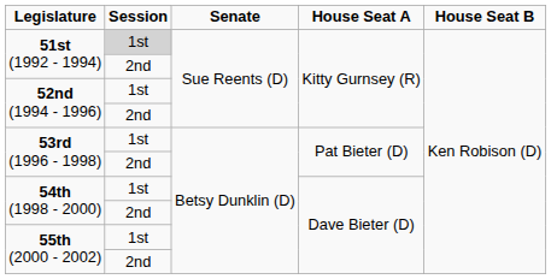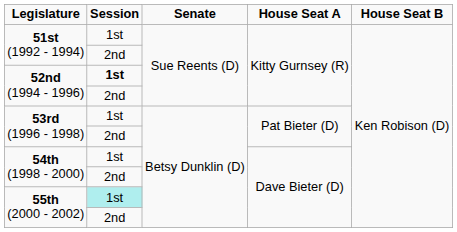 <table class=wikitable style="text-align:center">
 <tr>
 <td><strong>Legislature</strong></td>
 <td><strong>Session</strong></td>
 <td><strong>Senate</strong></td>
 <td><strong>House Seat A</strong></td>
 <td><strong>House Seat B</strong></td>
 </tr>
 <tr>
 <td rowspan="2" colspan="1" style="text-align: center;"><strong>51st</strong> <br> (1992 - 1994)</td>
-<td style="background: lightgrey;">1st</td>
+<td>1st</td>
 <td rowspan="4" colspan="1" style="text-align: center;" >Sue Reents (D)</td>
 <td rowspan="4" colspan="1" style="text-align: center;" >Kitty Gurnsey (R)</td>
 <td rowspan="10" colspan="1" style="text-align: center;" >Ken Robison (D)</td>
 </tr>
 <tr>
 <td>2nd</td>
 </tr>
 <tr>
 <td rowspan="2" colspan="1" style="text-align: center;"><strong>52nd</strong> <br> (1994 - 1996)</td>
-<td>1st</td>
+<td><strong>1st</strong></td>
 </tr>
 <tr>
 <td>2nd</td>
 </tr>
 <tr>
 <td rowspan="2" colspan="1" style="text-align: center;"><strong>53rd</strong> <br> (1996 - 1998)</td>
 <td>1st</td>
 <td rowspan="6" colspan="1" style="text-align: center;" >Betsy Dunklin (D)</td>
 <td rowspan="2" colspan="1" style="text-align: center;" >Pat Bieter (D)</td>
 </tr>
 <tr>
 <td>2nd</td>
 </tr>
 <tr>
 <td rowspan="2" colspan="1" style="text-align: center;"><strong>54th</strong> <br> (1998 - 2000)</td>
 <td>1st</td>
 <td rowspan="4" colspan="1" style="text-align: center;" >Dave Bieter (D)</td>
 </tr>
 <tr>
 <td>2nd</td>
 </tr>
 <tr>
 <td rowspan="2" colspan="1" style="text-align: center;"><strong>55th</strong> <br> (2000 - 2002)</td>
-<td>1st</td>
+<td style="background: paleturquoise;">1st</td>
 </tr>
 <tr>
 <td>2nd</td>
 </tr>
 </table>
